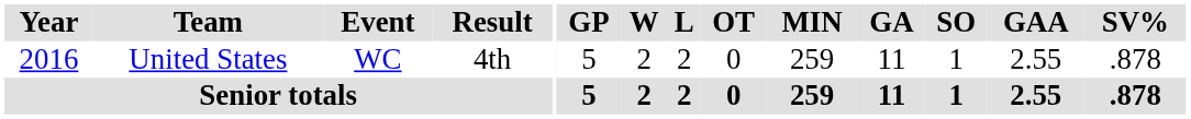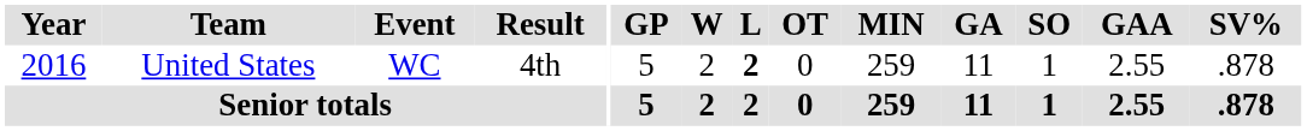 <table border="0" cellpadding="1" cellspacing="0" ID="Table3" style="text-align:center; width:40em">
 <tr ALIGN="center" bgcolor="#e0e0e0">
 <th>Year</th>
 <th>Team</th>
 <th>Event</th>
 <th>Result</th>
 <th rowspan="99" bgcolor="#ffffff"></th>
 <th>GP</th>
 <th>W</th>
 <th>L</th>
 <th>OT</th>
 <th>MIN</th>
 <th>GA</th>
 <th>SO</th>
 <th>GAA</th>
 <th>SV%</th>
 </tr>
 <tr ALIGN="center">
 <td><a href='#'>2016</a></td>
 <td><a href='#'>United States</a></td>
 <td><a href='#'>WC</a></td>
 <td>4th</td>
 <td>5</td>
 <td>2</td>
-<td>2</td>
+<td><strong>2</strong></td>
 <td>0</td>
 <td>259</td>
 <td>11</td>
 <td>1</td>
 <td>2.55</td>
 <td>.878</td>
 </tr>
 <tr ALIGN="center" bgcolor="#e0e0e0">
 <th colspan=4>Senior totals</th>
 <th>5</th>
 <th>2</th>
 <th>2</th>
 <th>0</th>
 <th>259</th>
 <th>11</th>
 <th>1</th>
 <th>2.55</th>
 <th>.878</th>
 </tr>
 </table>
